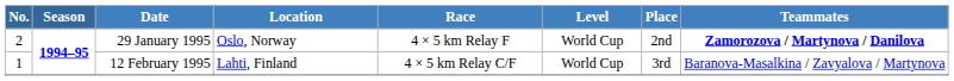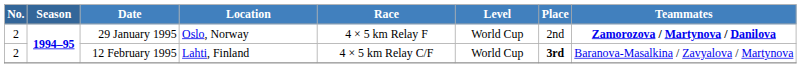 <table class="wikitable sortable" style="font-size:95%; text-align:center; border:grey solid 1px; border-collapse:collapse; background:#ffffff;">
 <tr style="background:#efefef;">
 <th style="background-color:#369; color:white;">No.</th>
 <th style="background-color:#369; color:white;">Season</th>
 <th style="background-color:#4180be; color:white; width:120px;">Date</th>
 <th style="background-color:#4180be; color:white; width:170px;">Location</th>
 <th style="background-color:#4180be; color:white; width:170px;">Race</th>
 <th style="background-color:#4180be; color:white; width:100px;">Level</th>
 <th style="background-color:#4180be; color:white;">Place</th>
 <th style="background-color:#4180be; color:white;">Teammates</th>
 </tr>
 <tr>
 <td align=center>2</td>
 <td rowspan=2 align=center><strong> <a href='#'>1994–95</a> </strong></td>
 <td align=right>29 January 1995</td>
 <td align=left> <a href='#'>Oslo</a>, Norway</td>
 <td>4 × 5 km Relay F</td>
 <td>World Cup</td>
 <td>2nd</td>
 <td><strong><a href='#'>Zamorozova</a> / <a href='#'>Martynova</a> / <a href='#'>Danilova</a></strong></td>
 </tr>
 <tr>
-<td align=center>1</td>
+<td align=center>2</td>
 <td align=right>12 February 1995</td>
 <td align=left> <a href='#'>Lahti</a>, Finland</td>
 <td>4 × 5 km Relay C/F</td>
 <td>World Cup</td>
-<td>3rd</td>
+<td><strong>3rd</strong></td>
 <td><a href='#'>Baranova-Masalkina</a> / <a href='#'>Zavyalova</a> / <a href='#'>Martynova</a></td>
 </tr>
 <tr>
 </tr>
 </table>
